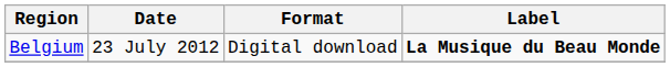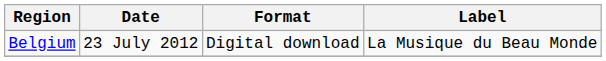 <table class=wikitable>
 <tr>
 <th>Region</th>
 <th>Date</th>
 <th>Format</th>
 <th>Label</th>
 </tr>
 <tr>
 <td><a href='#'>Belgium</a></td>
 <td>23 July 2012</td>
 <td>Digital download</td>
-<td><strong>La Musique du Beau Monde</strong></td>
+<td>La Musique du Beau Monde</td>
 </tr>
 <tr>
 </tr>
 </table>
